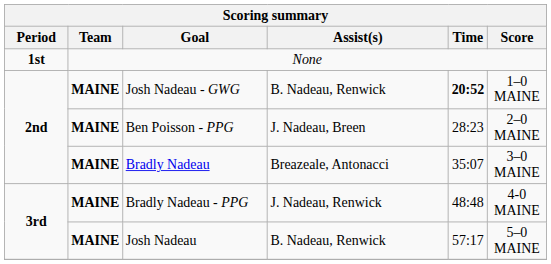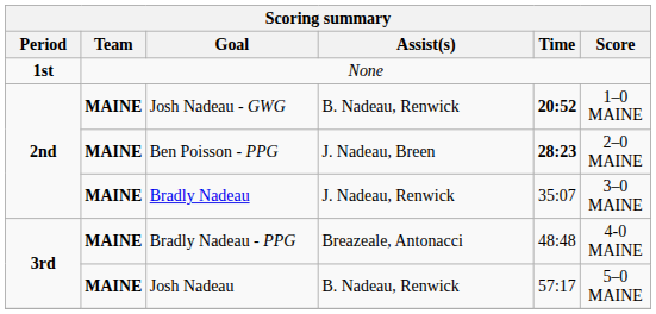 <table style="width:100%;" class="wikitable">
 <tr>
 <th colspan=6>Scoring summary</th>
 </tr>
 <tr>
 <th style="width:12%;">Period</th>
 <th style="width:7%;">Team</th>
 <th style="width:28%;">Goal</th>
 <th style="width:35%;">Assist(s)</th>
 <th style="width:7%;">Time</th>
 <th style="width:11%;">Score</th>
 </tr>
 <tr>
 <td style="text-align:center;" rowspan="1"><strong>1st</strong></td>
 <td style="text-align:center;" colspan="5"><em>None</em></td>
 </tr>
 <tr>
 <td style="text-align:center;" rowspan="3"><strong>2nd</strong></td>
 <td align=center><strong>MAINE</strong></td>
 <td>Josh Nadeau - <em>GWG</em></td>
 <td>B. Nadeau, Renwick</td>
 <td align=center><strong>20:52</strong></td>
 <td align=center>1–0 MAINE</td>
 </tr>
 <tr>
 <td align=center><strong>MAINE</strong></td>
 <td>Ben Poisson - <em>PPG</em></td>
 <td>J. Nadeau, Breen</td>
-<td align=center>28:23</td>
+<td align=center><strong>28:23</strong></td>
 <td align=center>2–0 MAINE</td>
 </tr>
 <tr>
 <td align=center><strong>MAINE</strong></td>
 <td><a href='#'>Bradly Nadeau</a></td>
-<td>Breazeale, Antonacci</td>
+<td>J. Nadeau, Renwick</td>
 <td align=center>35:07</td>
 <td align=center>3–0 MAINE</td>
 </tr>
 <tr>
 <td style="text-align:center;" rowspan="2"><strong>3rd</strong></td>
 <td align=center><strong>MAINE</strong></td>
 <td>Bradly Nadeau - <em>PPG</em></td>
-<td>J. Nadeau, Renwick</td>
+<td>Breazeale, Antonacci</td>
 <td align=center>48:48</td>
 <td align=center>4-0 MAINE</td>
 </tr>
 <tr>
 <td align=center><strong>MAINE</strong></td>
 <td>Josh Nadeau</td>
 <td>B. Nadeau, Renwick</td>
 <td align=center>57:17</td>
 <td align=center>5–0 MAINE</td>
 </tr>
 <tr>
 </tr>
 </table>
